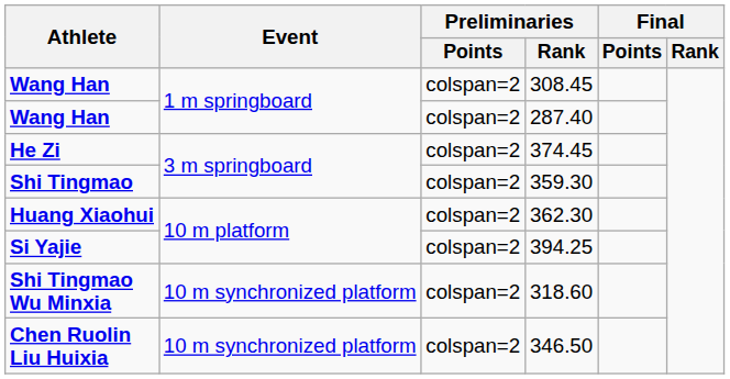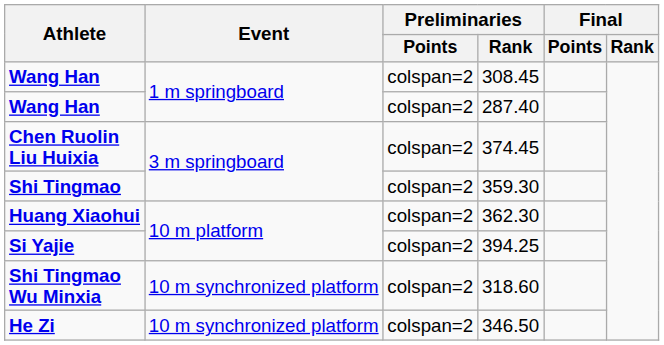 <table class=wikitable style="font-size:90%">
 <tr>
 <th rowspan="2">Athlete</th>
 <th rowspan="2">Event</th>
 <th colspan="2">Preliminaries</th>
 <th colspan="2">Final</th>
 </tr>
 <tr style="font-size:95%">
 <th>Points</th>
 <th>Rank</th>
 <th>Points</th>
 <th>Rank</th>
 </tr>
 <tr align=center>
 <td align=left><strong><a href='#'>Wang Han</a></strong></td>
 <td style="text-align:left;" rowspan="2"><a href='#'>1 m springboard</a></td>
 <td>colspan=2 </td>
 <td>308.45</td>
 <td></td>
 </tr>
 <tr align=center>
 <td align=left><strong><a href='#'>Wang Han</a></strong></td>
 <td>colspan=2 </td>
 <td>287.40</td>
 <td></td>
 </tr>
 <tr align=center>
-<td align=left><strong><a href='#'>He Zi</a></strong></td>
+<td align=left><strong><a href='#'>Chen Ruolin</a><br><a href='#'>Liu Huixia</a></strong></td>
 <td style="text-align:left;" rowspan="2"><a href='#'>3 m springboard</a></td>
 <td>colspan=2 </td>
 <td>374.45</td>
 <td></td>
 </tr>
 <tr align=center>
 <td align=left><strong><a href='#'>Shi Tingmao</a></strong></td>
 <td>colspan=2 </td>
 <td>359.30</td>
 <td></td>
 </tr>
 <tr align=center>
 <td align=left><strong><a href='#'>Huang Xiaohui</a></strong></td>
 <td style="text-align:left;" rowspan="2"><a href='#'>10 m platform</a></td>
 <td>colspan=2 </td>
 <td>362.30</td>
 <td></td>
 </tr>
 <tr align=center>
 <td align=left><strong><a href='#'>Si Yajie</a></strong></td>
 <td>colspan=2 </td>
 <td>394.25</td>
 <td></td>
 </tr>
 <tr align=center>
 <td align=left><strong><a href='#'>Shi Tingmao</a><br><a href='#'>Wu Minxia</a></strong></td>
 <td align=left><a href='#'>10 m synchronized platform</a></td>
 <td>colspan=2 </td>
 <td>318.60</td>
 <td></td>
 </tr>
 <tr align=center>
-<td align=left><strong><a href='#'>Chen Ruolin</a><br><a href='#'>Liu Huixia</a></strong></td>
+<td align=left><strong><a href='#'>He Zi</a></strong></td>
 <td align=left><a href='#'>10 m synchronized platform</a></td>
 <td>colspan=2 </td>
 <td>346.50</td>
 <td></td>
 </tr>
 </table>
